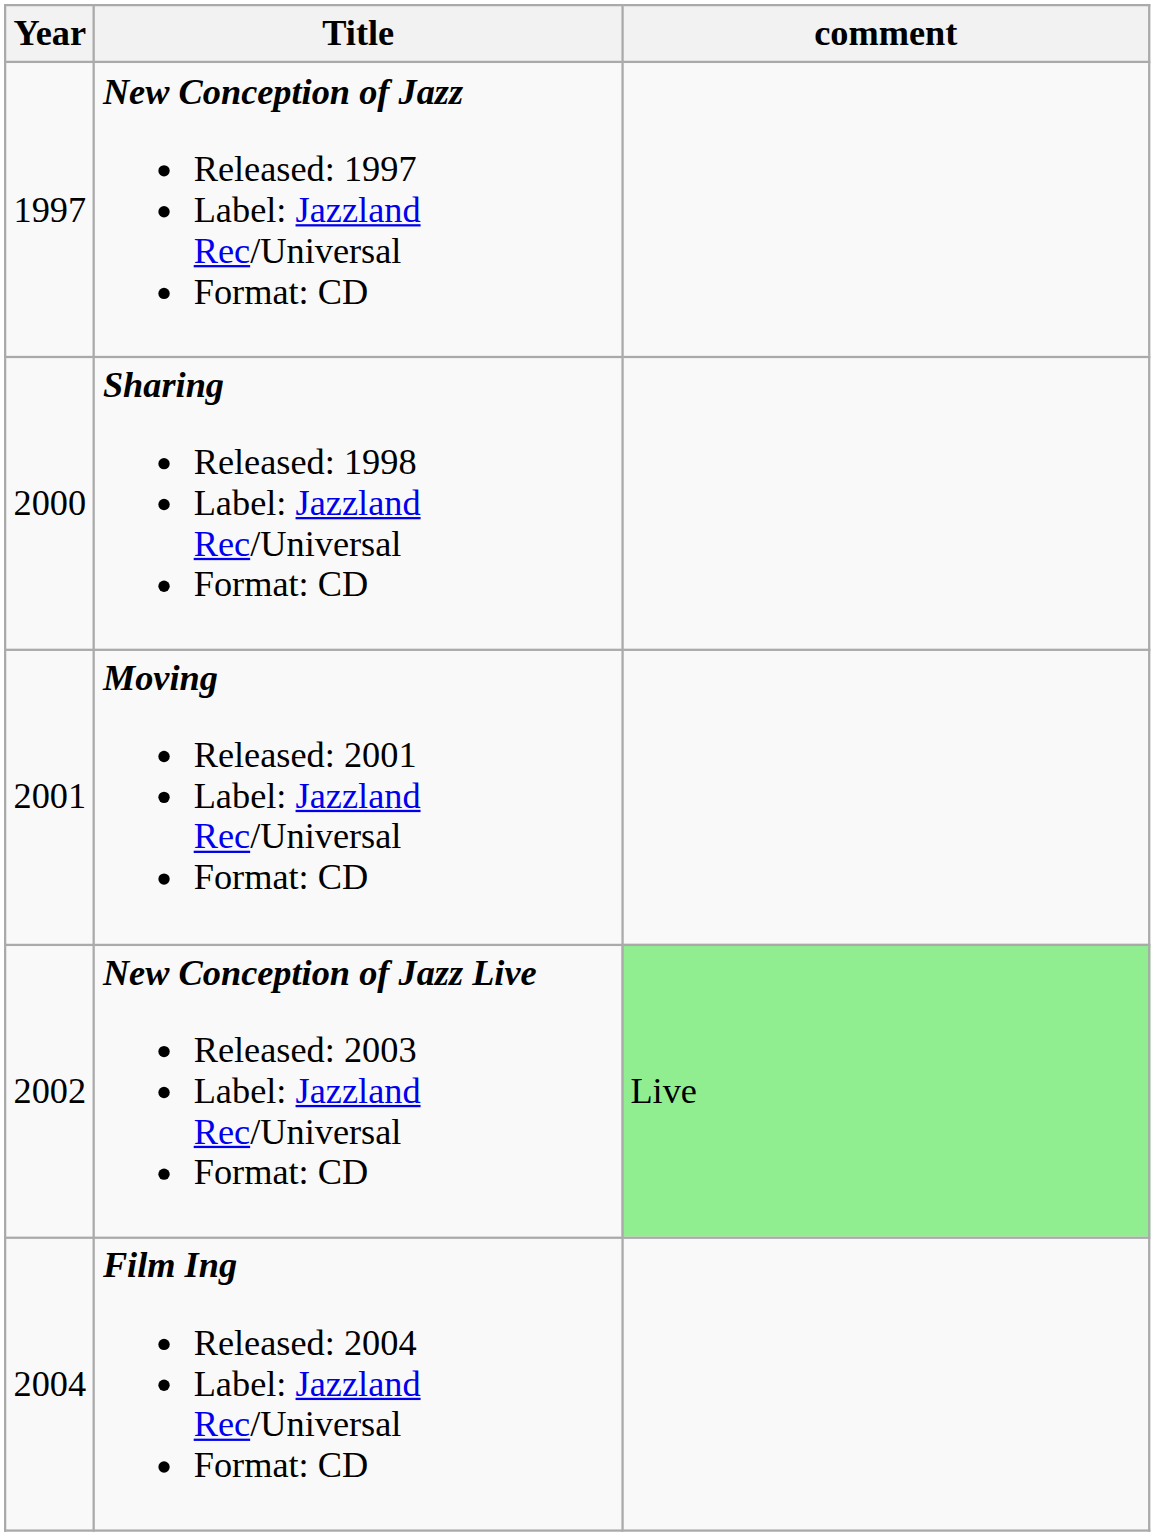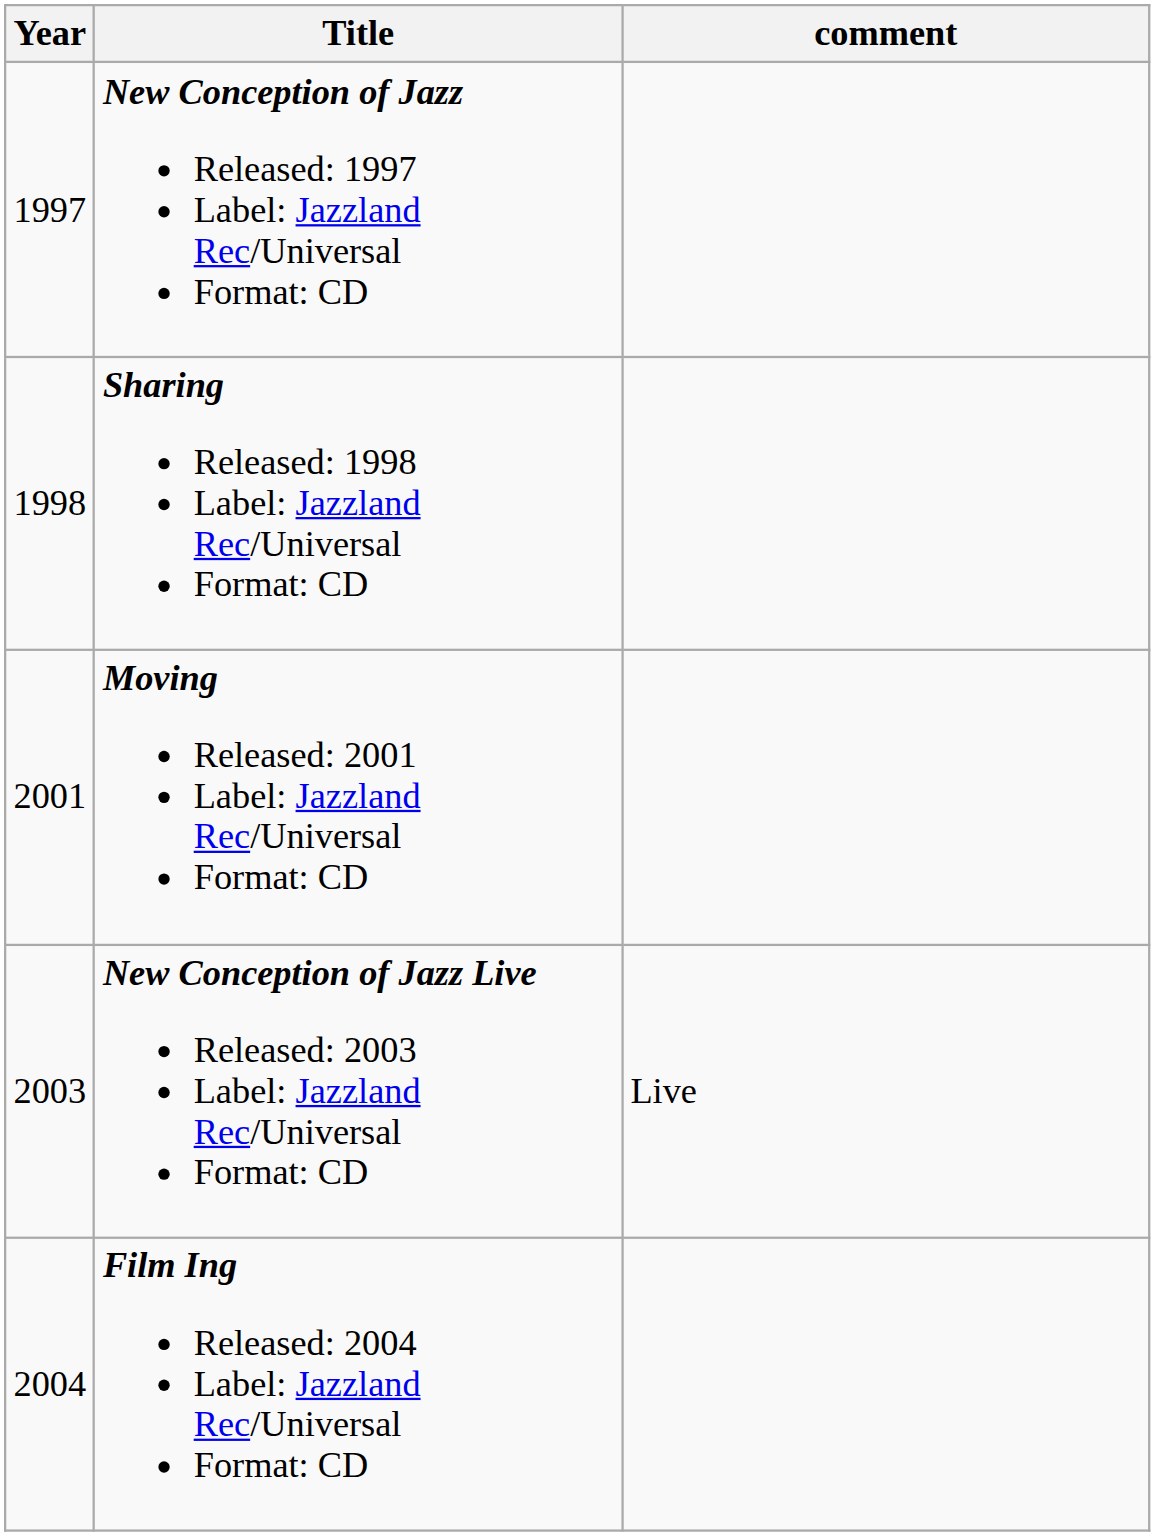 <table class="wikitable">
 <tr>
 <th>Year</th>
 <th style="width:225px;">Title</th>
 <th style="width:225px;">comment</th>
 </tr>
 <tr>
 <td>1997</td>
 <td style="width:225px;"><strong><em>New Conception of Jazz</em></strong><br><ul><li>Released: 1997</li><li>Label: <a href='#'>Jazzland Rec</a>/Universal </li><li>Format: CD</li></ul></td>
 </tr>
 <tr>
-<td>2000</td>
+<td>1998</td>
 <td style="width:225px;"><strong><em>Sharing</em></strong><br><ul><li>Released: 1998</li><li>Label: <a href='#'>Jazzland Rec</a>/Universal </li><li>Format: CD</li></ul></td>
 <td></td>
 </tr>
 <tr>
 <td>2001</td>
 <td style="width:225px;"><strong><em>Moving</em></strong><br><ul><li>Released: 2001</li><li>Label: <a href='#'>Jazzland Rec</a>/Universal </li><li>Format: CD</li></ul></td>
 <td></td>
 </tr>
 <tr>
-<td>2002</td>
+<td>2003</td>
 <td style="width:225px;"><strong><em>New Conception of Jazz Live</em></strong><br><ul><li>Released: 2003</li><li>Label: <a href='#'>Jazzland Rec</a>/Universal </li><li>Format: CD</li></ul></td>
-<td style="background: lightgreen;">Live</td>
+<td>Live</td>
 </tr>
 <tr>
 <td>2004</td>
 <td style="width:225px;"><strong><em>Film Ing</em></strong><br><ul><li>Released: 2004</li><li>Label: <a href='#'>Jazzland Rec</a>/Universal </li><li>Format: CD</li></ul></td>
 <td></td>
 </tr>
 </table>
